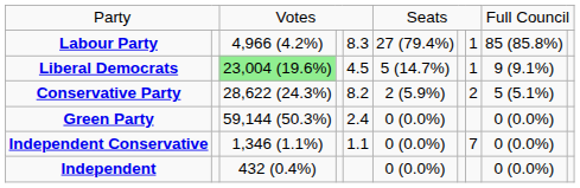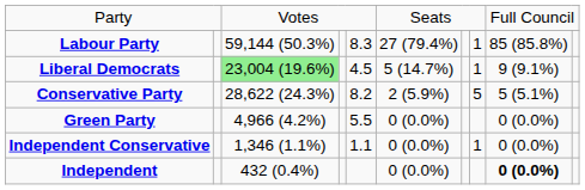 <table class=wikitable style="text-align:center;">
 <tr>
 <td colspan=2>Party</td>
 <td colspan=3>Votes</td>
 <td colspan=3>Seats</td>
 <td colspan=3>Full Council</td>
 </tr>
 <tr>
 <td><strong><a href='#'>Labour Party</a></strong></td>
 <td style="background:"></td>
-<td>4,966 (4.2%)</td>
+<td>59,144 (50.3%)</td>
 <td></td>
 <td> 8.3</td>
 <td>27 (79.4%)</td>
 <td></td>
 <td> 1</td>
 <td>85 (85.8%)</td>
 <td></td>
 </tr>
 <tr>
 <td><strong><a href='#'>Liberal Democrats</a></strong></td>
 <td style="background:"></td>
 <td style="background: lightgreen;">23,004 (19.6%)</td>
 <td></td>
 <td> 4.5</td>
 <td>5 (14.7%)</td>
 <td></td>
 <td> 1</td>
 <td>9 (9.1%)</td>
 <td></td>
 </tr>
 <tr>
 <td><strong><a href='#'>Conservative Party</a></strong></td>
 <td style="background:"></td>
 <td>28,622 (24.3%)</td>
 <td></td>
 <td> 8.2</td>
 <td>2 (5.9%)</td>
 <td></td>
-<td> 2</td>
+<td> 5</td>
 <td>5 (5.1%)</td>
 <td></td>
 </tr>
 <tr>
 <td><strong><a href='#'>Green Party</a></strong></td>
 <td style="background:"></td>
-<td>59,144 (50.3%)</td>
+<td>4,966 (4.2%)</td>
 <td></td>
-<td> 2.4</td>
+<td> 5.5</td>
 <td>0 (0.0%)</td>
 <td></td>
 <td></td>
 <td>0 (0.0%)</td>
 <td></td>
 </tr>
 <tr>
 <td><strong><a href='#'>Independent Conservative</a></strong></td>
 <td style="background:"></td>
 <td>1,346 (1.1%)</td>
 <td></td>
 <td> 1.1</td>
 <td>0 (0.0%)</td>
 <td></td>
-<td> 7</td>
+<td> 1</td>
 <td>0 (0.0%)</td>
 <td></td>
 </tr>
 <tr>
 <td><strong><a href='#'>Independent</a></strong></td>
 <td style="background:"></td>
 <td>432 (0.4%)</td>
 <td></td>
 <td></td>
 <td>0 (0.0%)</td>
 <td></td>
 <td></td>
-<td>0 (0.0%)</td>
+<td><strong>0 (0.0%)</strong></td>
 <td></td>
 </tr>
 </table>
